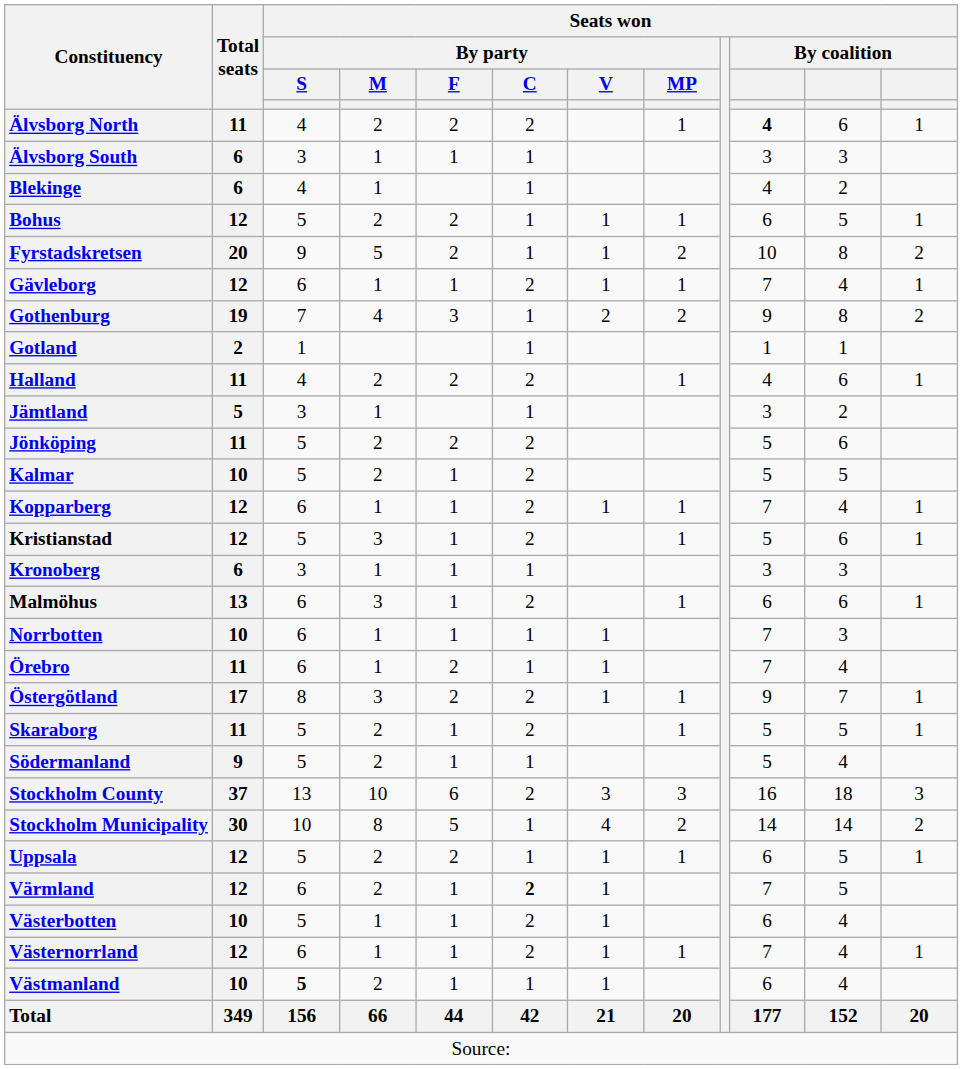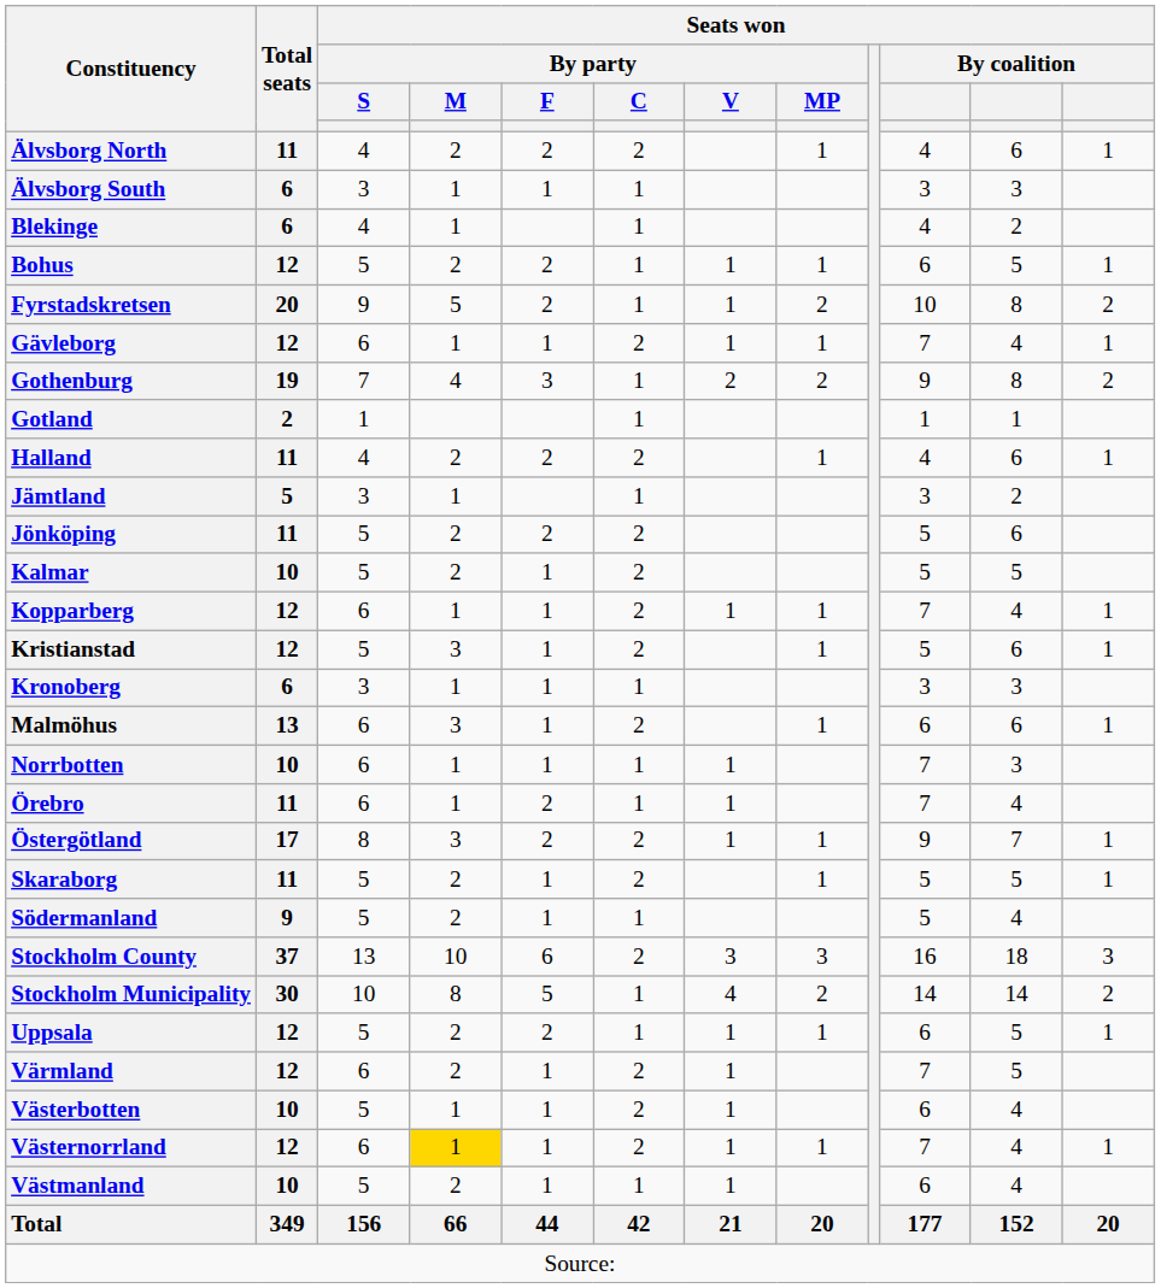 <table class="wikitable" style="text-align:center; font-size: 0.9em;">
 <tr>
 <th rowspan="4">Constituency</th>
 <th rowspan="4">Total<br>seats</th>
 <th colspan="10">Seats won</th>
 </tr>
 <tr>
 <th colspan="6">By party</th>
 <th rowspan="32"></th>
 <th colspan="3">By coalition</th>
 </tr>
 <tr>
 <th class="unsortable" style="width:50px;"><a href='#'>S</a></th>
 <th class="unsortable" style="width:50px;"><a href='#'>M</a></th>
 <th class="unsortable" style="width:50px;"><a href='#'>F</a></th>
 <th class="unsortable" style="width:50px;"><a href='#'>C</a></th>
 <th class="unsortable" style="width:50px;"><a href='#'>V</a></th>
 <th class="unsortable" style="width:50px;"><a href='#'>MP</a></th>
 <th class="unsortable" style="width:50px;"></th>
 <th class="unsortable" style="width:50px;"></th>
 <th class="unsortable" style="width:50px;"></th>
 </tr>
 <tr>
 <th style="background:"></th>
 <th style="background:"></th>
 <th style="background:"></th>
 <th style="background:"></th>
 <th style="background:"></th>
 <th style="background:"></th>
 <th style="background:"></th>
 <th style="background:"></th>
 <th></th>
 </tr>
 <tr>
 <th style="text-align: left;"><a href='#'>Älvsborg North</a></th>
 <th>11</th>
 <td>4</td>
 <td>2</td>
 <td>2</td>
 <td>2</td>
 <td></td>
 <td>1</td>
-<td><strong>4</strong></td>
+<td>4</td>
 <td>6</td>
 <td>1</td>
 </tr>
 <tr>
 <th style="text-align: left;"><a href='#'>Älvsborg South</a></th>
 <th>6</th>
 <td>3</td>
 <td>1</td>
 <td>1</td>
 <td>1</td>
 <td></td>
 <td></td>
 <td>3</td>
 <td>3</td>
 <td></td>
 </tr>
 <tr>
 <th style="text-align: left;"><a href='#'>Blekinge</a></th>
 <th>6</th>
 <td>4</td>
 <td>1</td>
 <td></td>
 <td>1</td>
 <td></td>
 <td></td>
 <td>4</td>
 <td>2</td>
 <td></td>
 </tr>
 <tr>
 <th style="text-align: left;"><a href='#'>Bohus</a></th>
 <th>12</th>
 <td>5</td>
 <td>2</td>
 <td>2</td>
 <td>1</td>
 <td>1</td>
 <td>1</td>
 <td>6</td>
 <td>5</td>
 <td>1</td>
 </tr>
 <tr>
 <th style="text-align: left;"><a href='#'>Fyrstadskretsen</a></th>
 <th>20</th>
 <td>9</td>
 <td>5</td>
 <td>2</td>
 <td>1</td>
 <td>1</td>
 <td>2</td>
 <td>10</td>
 <td>8</td>
 <td>2</td>
 </tr>
 <tr>
 <th style="text-align: left;"><a href='#'>Gävleborg</a></th>
 <th>12</th>
 <td>6</td>
 <td>1</td>
 <td>1</td>
 <td>2</td>
 <td>1</td>
 <td>1</td>
 <td>7</td>
 <td>4</td>
 <td>1</td>
 </tr>
 <tr>
 <th style="text-align: left;"><a href='#'>Gothenburg</a></th>
 <th>19</th>
 <td>7</td>
 <td>4</td>
 <td>3</td>
 <td>1</td>
 <td>2</td>
 <td>2</td>
 <td>9</td>
 <td>8</td>
 <td>2</td>
 </tr>
 <tr>
 <th style="text-align: left;"><a href='#'>Gotland</a></th>
 <th>2</th>
 <td>1</td>
 <td></td>
 <td></td>
 <td>1</td>
 <td></td>
 <td></td>
 <td>1</td>
 <td>1</td>
 <td></td>
 </tr>
 <tr>
 <th style="text-align: left;"><a href='#'>Halland</a></th>
 <th>11</th>
 <td>4</td>
 <td>2</td>
 <td>2</td>
 <td>2</td>
 <td></td>
 <td>1</td>
 <td>4</td>
 <td>6</td>
 <td>1</td>
 </tr>
 <tr>
 <th style="text-align: left;"><a href='#'>Jämtland</a></th>
 <th>5</th>
 <td>3</td>
 <td>1</td>
 <td></td>
 <td>1</td>
 <td></td>
 <td></td>
 <td>3</td>
 <td>2</td>
 <td></td>
 </tr>
 <tr>
 <th style="text-align: left;"><a href='#'>Jönköping</a></th>
 <th>11</th>
 <td>5</td>
 <td>2</td>
 <td>2</td>
 <td>2</td>
 <td></td>
 <td></td>
 <td>5</td>
 <td>6</td>
 <td></td>
 </tr>
 <tr>
 <th style="text-align: left;"><a href='#'>Kalmar</a></th>
 <th>10</th>
 <td>5</td>
 <td>2</td>
 <td>1</td>
 <td>2</td>
 <td></td>
 <td></td>
 <td>5</td>
 <td>5</td>
 <td></td>
 </tr>
 <tr>
 <th style="text-align: left;"><a href='#'>Kopparberg</a></th>
 <th>12</th>
 <td>6</td>
 <td>1</td>
 <td>1</td>
 <td>2</td>
 <td>1</td>
 <td>1</td>
 <td>7</td>
 <td>4</td>
 <td>1</td>
 </tr>
 <tr>
 <th style="text-align: left;">Kristianstad</th>
 <th>12</th>
 <td>5</td>
 <td>3</td>
 <td>1</td>
 <td>2</td>
 <td></td>
 <td>1</td>
 <td>5</td>
 <td>6</td>
 <td>1</td>
 </tr>
 <tr>
 <th style="text-align: left;"><a href='#'>Kronoberg</a></th>
 <th>6</th>
 <td>3</td>
 <td>1</td>
 <td>1</td>
 <td>1</td>
 <td></td>
 <td></td>
 <td>3</td>
 <td>3</td>
 <td></td>
 </tr>
 <tr>
 <th style="text-align: left;">Malmöhus</th>
 <th>13</th>
 <td>6</td>
 <td>3</td>
 <td>1</td>
 <td>2</td>
 <td></td>
 <td>1</td>
 <td>6</td>
 <td>6</td>
 <td>1</td>
 </tr>
 <tr>
 <th style="text-align: left;"><a href='#'>Norrbotten</a></th>
 <th>10</th>
 <td>6</td>
 <td>1</td>
 <td>1</td>
 <td>1</td>
 <td>1</td>
 <td></td>
 <td>7</td>
 <td>3</td>
 <td></td>
 </tr>
 <tr>
 <th style="text-align: left;"><a href='#'>Örebro</a></th>
 <th>11</th>
 <td>6</td>
 <td>1</td>
 <td>2</td>
 <td>1</td>
 <td>1</td>
 <td></td>
 <td>7</td>
 <td>4</td>
 <td></td>
 </tr>
 <tr>
 <th style="text-align: left;"><a href='#'>Östergötland</a></th>
 <th>17</th>
 <td>8</td>
 <td>3</td>
 <td>2</td>
 <td>2</td>
 <td>1</td>
 <td>1</td>
 <td>9</td>
 <td>7</td>
 <td>1</td>
 </tr>
 <tr>
 <th style="text-align: left;"><a href='#'>Skaraborg</a></th>
 <th>11</th>
 <td>5</td>
 <td>2</td>
 <td>1</td>
 <td>2</td>
 <td></td>
 <td>1</td>
 <td>5</td>
 <td>5</td>
 <td>1</td>
 </tr>
 <tr>
 <th style="text-align: left;"><a href='#'>Södermanland</a></th>
 <th>9</th>
 <td>5</td>
 <td>2</td>
 <td>1</td>
 <td>1</td>
 <td></td>
 <td></td>
 <td>5</td>
 <td>4</td>
 <td></td>
 </tr>
 <tr>
 <th style="text-align: left;"><a href='#'>Stockholm County</a></th>
 <th>37</th>
 <td>13</td>
 <td>10</td>
 <td>6</td>
 <td>2</td>
 <td>3</td>
 <td>3</td>
 <td>16</td>
 <td>18</td>
 <td>3</td>
 </tr>
 <tr>
 <th style="text-align: left;"><a href='#'>Stockholm Municipality</a></th>
 <th>30</th>
 <td>10</td>
 <td>8</td>
 <td>5</td>
 <td>1</td>
 <td>4</td>
 <td>2</td>
 <td>14</td>
 <td>14</td>
 <td>2</td>
 </tr>
 <tr>
 <th style="text-align: left;"><a href='#'>Uppsala</a></th>
 <th>12</th>
 <td>5</td>
 <td>2</td>
 <td>2</td>
 <td>1</td>
 <td>1</td>
 <td>1</td>
 <td>6</td>
 <td>5</td>
 <td>1</td>
 </tr>
 <tr>
 <th style="text-align: left;"><a href='#'>Värmland</a></th>
 <th>12</th>
 <td>6</td>
 <td>2</td>
 <td>1</td>
-<td><strong>2</strong></td>
+<td>2</td>
 <td>1</td>
 <td></td>
 <td>7</td>
 <td>5</td>
 <td></td>
 </tr>
 <tr>
 <th style="text-align: left;"><a href='#'>Västerbotten</a></th>
 <th>10</th>
 <td>5</td>
 <td>1</td>
 <td>1</td>
 <td>2</td>
 <td>1</td>
 <td></td>
 <td>6</td>
 <td>4</td>
 <td></td>
 </tr>
 <tr>
 <th style="text-align: left;"><a href='#'>Västernorrland</a></th>
 <th>12</th>
 <td>6</td>
-<td>1</td>
+<td style="background: gold;">1</td>
 <td>1</td>
 <td>2</td>
 <td>1</td>
 <td>1</td>
 <td>7</td>
 <td>4</td>
 <td>1</td>
 </tr>
 <tr>
 <th style="text-align: left;"><a href='#'>Västmanland</a></th>
 <th>10</th>
-<td><strong>5</strong></td>
+<td>5</td>
 <td>2</td>
 <td>1</td>
 <td>1</td>
 <td>1</td>
 <td></td>
 <td>6</td>
 <td>4</td>
 <td></td>
 </tr>
 <tr>
 <th style="text-align: left;">Total</th>
 <th>349</th>
 <th>156</th>
 <th>66</th>
 <th>44</th>
 <th>42</th>
 <th>21</th>
 <th>20</th>
 <th>177</th>
 <th>152</th>
 <th>20</th>
 </tr>
 <tr>
 <td colspan="12">Source: </td>
 </tr>
 </table>
